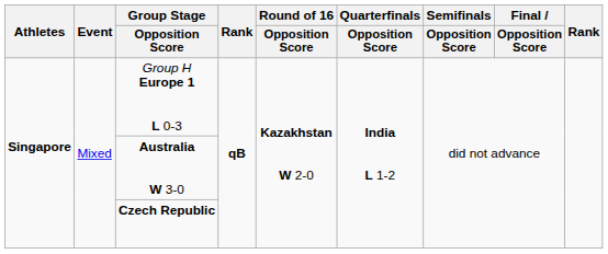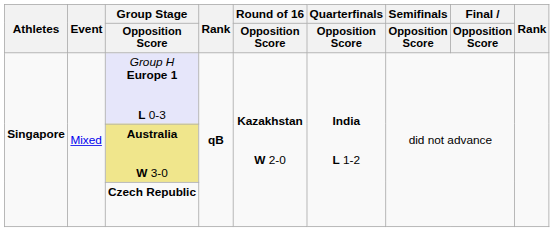 <table class=wikitable style="font-size:90%">
 <tr>
 <th rowspan="2">Athletes</th>
 <th rowspan="2">Event</th>
 <th>Group Stage</th>
 <th rowspan="2">Rank</th>
 <th>Round of 16</th>
 <th>Quarterfinals</th>
 <th>Semifinals</th>
 <th>Final / </th>
 <th rowspan=2>Rank</th>
 </tr>
 <tr style="font-size:95%">
 <th>Opposition<br>Score</th>
 <th>Opposition<br>Score</th>
 <th>Opposition<br>Score</th>
 <th>Opposition<br>Score</th>
 <th>Opposition<br>Score</th>
 </tr>
 <tr align=center>
 <td align=left rowspan=3><strong>Singapore</strong><br><br></td>
 <td align=left rowspan=3><a href='#'>Mixed</a></td>
-<td><em>Group H</em><br><strong>Europe 1</strong><br><br><br><strong>L</strong> 0-3</td>
+<td style="background: lavender;"><em>Group H</em><br><strong>Europe 1</strong><br><br><br><strong>L</strong> 0-3</td>
 <td rowspan=3><strong>qB</strong></td>
 <td rowspan=3><strong>Kazakhstan</strong><br><br><br><strong>W</strong> 2-0</td>
 <td rowspan=3><strong>India</strong><br><br><br><strong>L</strong> 1-2</td>
 <td rowspan=3 colspan=2>did not advance</td>
 <td rowspan=3></td>
 </tr>
 <tr align=center>
-<td><strong>Australia</strong><br><br><br><strong>W</strong> 3-0</td>
+<td style="background: khaki;"><strong>Australia</strong><br><br><br><strong>W</strong> 3-0</td>
 </tr>
 <tr align=center>
 <td><strong>Czech Republic</strong><br><br><br></td>
 </tr>
 </table>
